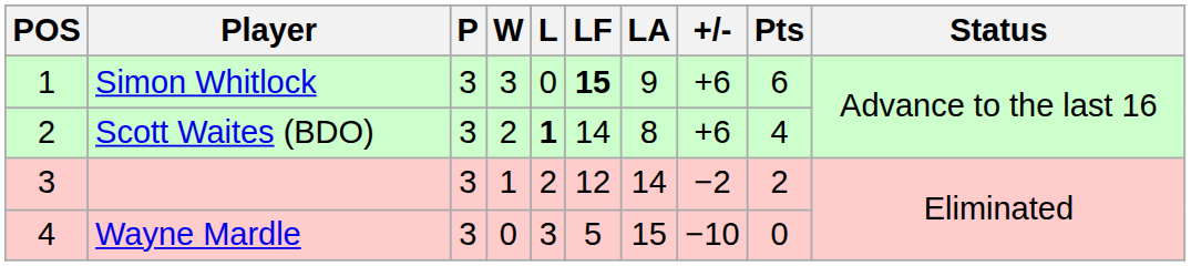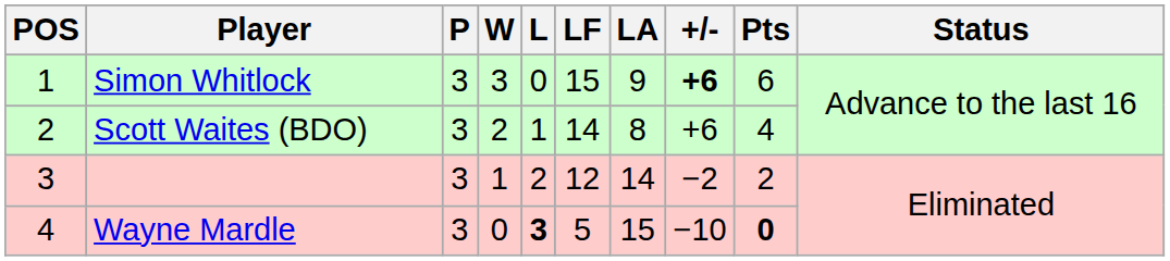 <table class="wikitable" style="text-align:center; margin: 1em auto 1em auto, align:left">
 <tr>
 <th width=20>POS</th>
 <th width=173>Player</th>
 <th width=3>P</th>
 <th width=3>W</th>
 <th width=3>L</th>
 <th width=20>LF</th>
 <th width=20>LA</th>
 <th width=20>+/-</th>
 <th width=20>Pts</th>
 <th width=179>Status</th>
 </tr>
 <tr style="background:#CCFFCC;">
 <td>1</td>
 <td style="text-align:left;"> <a href='#'>Simon Whitlock</a></td>
 <td>3</td>
 <td>3</td>
 <td>0</td>
-<td><strong>15</strong></td>
+<td>15</td>
 <td>9</td>
-<td>+6</td>
+<td><strong>+6</strong></td>
 <td>6</td>
 <td rowspan=2>Advance to the last 16</td>
 </tr>
 <tr style="background:#CCFFCC;">
 <td>2</td>
 <td style="text-align:left;"> <a href='#'>Scott Waites</a> (BDO)</td>
 <td>3</td>
 <td>2</td>
-<td><strong>1</strong></td>
+<td>1</td>
 <td>14</td>
 <td>8</td>
 <td>+6</td>
 <td>4</td>
 </tr>
 <tr style="background:#FFCCCC;">
 <td>3</td>
 <td style="text-align:left;"></td>
 <td>3</td>
 <td>1</td>
 <td>2</td>
 <td>12</td>
 <td>14</td>
 <td>−2</td>
 <td>2</td>
 <td rowspan=2>Eliminated</td>
 </tr>
 <tr style="background:#FFCCCC;">
 <td>4</td>
 <td style="text-align:left;"> <a href='#'>Wayne Mardle</a></td>
 <td>3</td>
 <td>0</td>
-<td>3</td>
+<td><strong>3</strong></td>
 <td>5</td>
 <td>15</td>
 <td>−10</td>
-<td>0</td>
+<td><strong>0</strong></td>
 </tr>
 </table>
